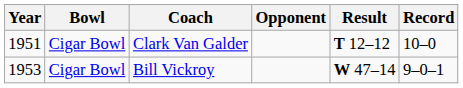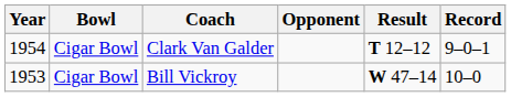 <table class="wikitable">
 <tr>
 <th width=px>Year</th>
 <th width=px>Bowl</th>
 <th width=px>Coach</th>
 <th width=px>Opponent</th>
 <th width=px>Result</th>
 <th width=px>Record</th>
 </tr>
 <tr>
-<td>1951</td>
+<td>1954</td>
 <td><a href='#'>Cigar Bowl</a></td>
 <td><a href='#'>Clark Van Galder</a></td>
 <td></td>
 <td><strong>T</strong> 12–12</td>
-<td>10–0</td>
+<td>9–0–1</td>
 </tr>
 <tr>
 <td>1953</td>
 <td><a href='#'>Cigar Bowl</a></td>
 <td><a href='#'>Bill Vickroy</a></td>
 <td></td>
 <td><strong>W</strong> 47–14</td>
-<td>9–0–1</td>
+<td>10–0</td>
 </tr>
 </table>
